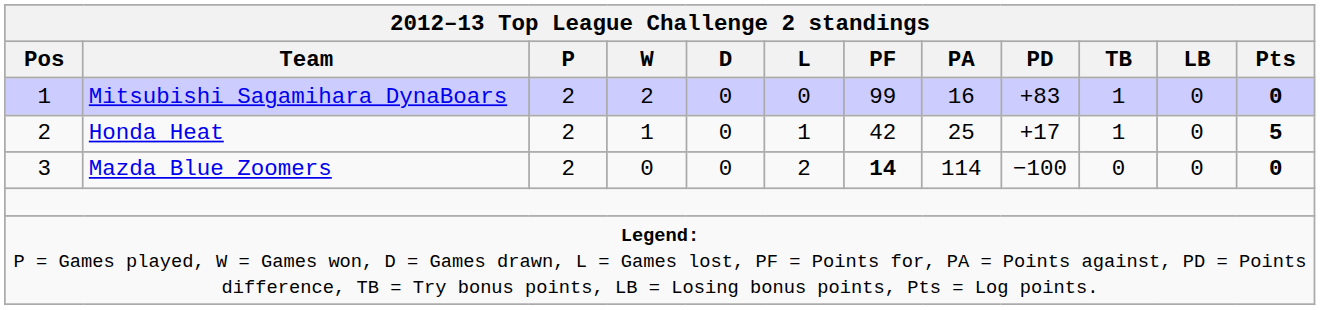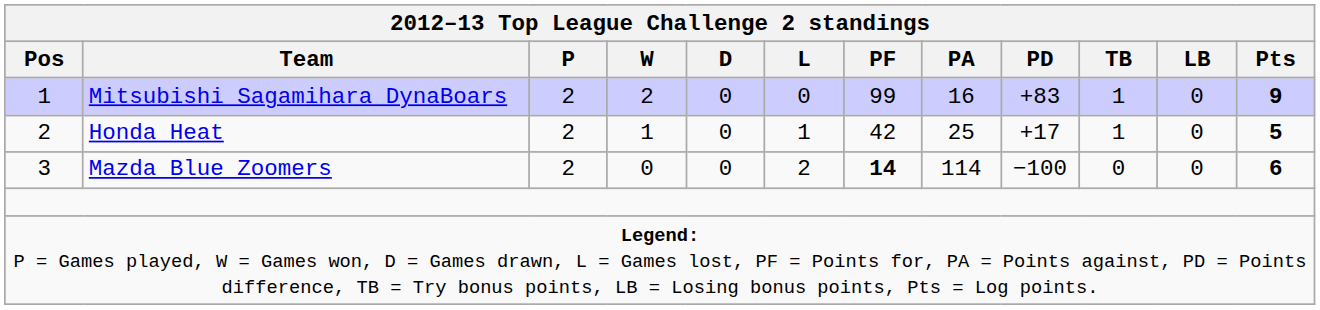 <table class="wikitable" style="text-align:center; font-size:100%; width:60%;">
 <tr>
 <th colspan="100%" cellpadding="0" cellspacing="0"><strong>2012–13 Top League Challenge 2 standings</strong></th>
 </tr>
 <tr>
 <th style="width:6%;">Pos</th>
 <th style="width:34%;">Team</th>
 <th style="width:6%;">P</th>
 <th style="width:6%;">W</th>
 <th style="width:6%;">D</th>
 <th style="width:6%;">L</th>
 <th style="width:6%;">PF</th>
 <th style="width:6%;">PA</th>
 <th style="width:6%;">PD</th>
 <th style="width:6%;">TB</th>
 <th style="width:6%;">LB</th>
 <th style="width:6%;">Pts<br></th>
 </tr>
 <tr style="background:#CCCCFF;">
 <td>1</td>
 <td style="text-align:left;"><a href='#'>Mitsubishi Sagamihara DynaBoars</a></td>
 <td>2</td>
 <td>2</td>
 <td>0</td>
 <td>0</td>
 <td>99</td>
 <td>16</td>
 <td>+83</td>
 <td>1</td>
 <td>0</td>
-<td><strong>0</strong></td>
+<td><strong>9</strong></td>
 </tr>
 <tr>
 <td>2</td>
 <td style="text-align:left;"><a href='#'>Honda Heat</a></td>
 <td>2</td>
 <td>1</td>
 <td>0</td>
 <td>1</td>
 <td>42</td>
 <td>25</td>
 <td>+17</td>
 <td>1</td>
 <td>0</td>
 <td><strong>5</strong></td>
 </tr>
 <tr>
 <td>3</td>
 <td style="text-align:left;"><a href='#'>Mazda Blue Zoomers</a></td>
 <td>2</td>
 <td>0</td>
 <td>0</td>
 <td>2</td>
 <td><strong>14</strong></td>
 <td>114</td>
 <td>−100</td>
 <td>0</td>
 <td>0</td>
-<td><strong>0</strong></td>
+<td><strong>6</strong></td>
 </tr>
 <tr>
 <td colspan="100%" style="height:10px;"></td>
 </tr>
 <tr>
 <td colspan="100%"><small><strong>Legend:</strong> <br> P = Games played, W = Games won, D = Games drawn, L = Games lost, PF = Points for, PA = Points against, PD = Points difference, TB = Try bonus points, LB = Losing bonus points, Pts = Log points.</small></td>
 </tr>
 </table>
